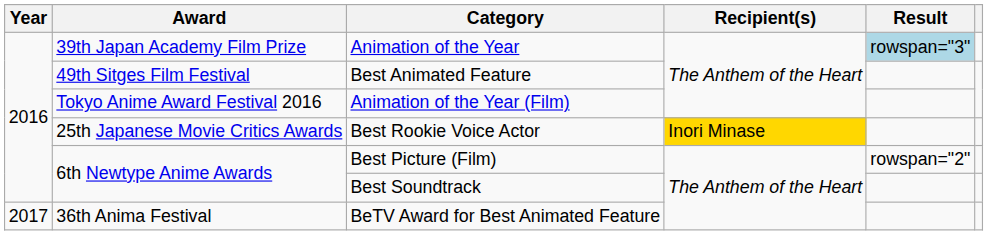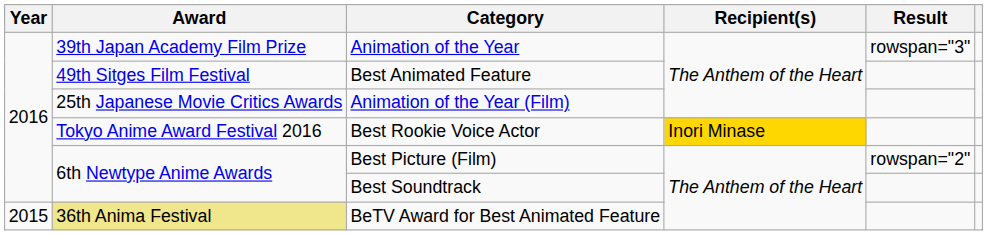 <table class="wikitable sortable">
 <tr style="background:#ccc; text-align:center;">
 <th>Year</th>
 <th>Award</th>
 <th>Category</th>
 <th>Recipient(s)</th>
 <th>Result</th>
 <th></th>
 </tr>
 <tr>
 <td rowspan="6">2016</td>
 <td><a href='#'>39th Japan Academy Film Prize</a></td>
 <td><a href='#'>Animation of the Year</a></td>
 <td rowspan="3"><em>The Anthem of the Heart</em></td>
-<td style="background: lightblue;">rowspan="3" </td>
+<td>rowspan="3" </td>
 <td></td>
 </tr>
 <tr>
 <td><a href='#'>49th Sitges Film Festival</a></td>
 <td>Best Animated Feature</td>
 <td></td>
 </tr>
 <tr>
-<td><a href='#'>Tokyo Anime Award Festival</a> 2016</td>
+<td>25th <a href='#'>Japanese Movie Critics Awards</a></td>
 <td><a href='#'>Animation of the Year (Film)</a></td>
 <td></td>
 </tr>
 <tr>
-<td>25th <a href='#'>Japanese Movie Critics Awards</a></td>
+<td><a href='#'>Tokyo Anime Award Festival</a> 2016</td>
 <td>Best Rookie Voice Actor</td>
 <td style="background: gold;">Inori Minase</td>
 <td></td>
 <td></td>
 </tr>
 <tr>
 <td rowspan="2">6th <a href='#'>Newtype Anime Awards</a></td>
 <td>Best Picture (Film)</td>
 <td rowspan="3"><em>The Anthem of the Heart</em></td>
 <td>rowspan="2" </td>
 <td></td>
 </tr>
 <tr>
 <td>Best Soundtrack</td>
 <td></td>
 </tr>
 <tr>
-<td>2017</td>
-<td>36th Anima Festival</td>
+<td>2015</td>
+<td style="background: khaki;">36th Anima Festival</td>
 <td>BeTV Award for Best Animated Feature</td>
 <td></td>
 <td></td>
 </tr>
 </table>
